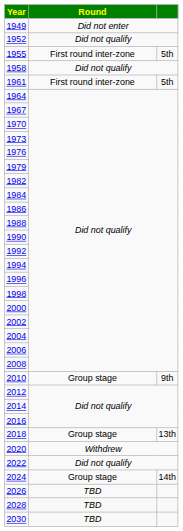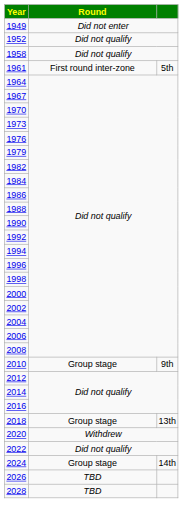 <table class="wikitable" style="text-align: center; font-size:90%">
 <tr style="color:yellow;">
 <th style="background:green;">Year</th>
 <th style="background:green; width:200px">Round</th>
 <th style="background:green;"></th>
 </tr>
 <tr>
 <td><a href='#'>1949</a></td>
 <td colspan="2"><em>Did not enter</em></td>
 </tr>
 <tr>
 <td><a href='#'>1952</a></td>
 <td colspan="2"><em>Did not qualify</em></td>
-</tr>
-<tr>
-<td><a href='#'>1955</a></td>
-<td>First round inter-zone</td>
-<td>5th</td>
 </tr>
 <tr>
 <td><a href='#'>1958</a></td>
 <td colspan="2"><em>Did not qualify</em></td>
 </tr>
 <tr>
 <td><a href='#'>1961</a></td>
 <td>First round inter-zone</td>
 <td>5th</td>
 </tr>
 <tr>
 <td><a href='#'>1964</a></td>
 <td colspan="2" rowspan="20"><em>Did not qualify</em></td>
 </tr>
 <tr>
 <td><a href='#'>1967</a></td>
 </tr>
 <tr>
 <td><a href='#'>1970</a></td>
 </tr>
 <tr>
 <td><a href='#'>1973</a></td>
 </tr>
 <tr>
 <td><a href='#'>1976</a></td>
 </tr>
 <tr>
 <td><a href='#'>1979</a></td>
 </tr>
 <tr>
 <td><a href='#'>1982</a></td>
 </tr>
 <tr>
 <td><a href='#'>1984</a></td>
 </tr>
 <tr>
 <td><a href='#'>1986</a></td>
 </tr>
 <tr>
 <td><a href='#'>1988</a></td>
 </tr>
 <tr>
 <td><a href='#'>1990</a></td>
 </tr>
 <tr>
 <td><a href='#'>1992</a></td>
 </tr>
 <tr>
 <td><a href='#'>1994</a></td>
 </tr>
 <tr>
 <td><a href='#'>1996</a></td>
 </tr>
 <tr>
 <td><a href='#'>1998</a></td>
 </tr>
 <tr>
 <td><a href='#'>2000</a></td>
 </tr>
 <tr>
 <td><a href='#'>2002</a></td>
 </tr>
 <tr>
 <td><a href='#'>2004</a></td>
 </tr>
 <tr>
 <td><a href='#'>2006</a></td>
 </tr>
 <tr>
 <td><a href='#'>2008</a></td>
 </tr>
 <tr>
 <td><a href='#'>2010</a></td>
 <td>Group stage</td>
 <td>9th</td>
 </tr>
 <tr>
 <td><a href='#'>2012</a></td>
 <td colspan="2" rowspan="3"><em>Did not qualify</em></td>
 </tr>
 <tr>
 <td><a href='#'>2014</a></td>
 </tr>
 <tr>
 <td><a href='#'>2016</a></td>
 </tr>
 <tr>
 <td><a href='#'>2018</a></td>
 <td>Group stage</td>
 <td>13th</td>
 </tr>
 <tr>
 <td><a href='#'>2020</a></td>
 <td colspan="2"><em>Withdrew</em></td>
 </tr>
 <tr>
 <td><a href='#'>2022</a></td>
 <td colspan="2"><em>Did not qualify</em></td>
 </tr>
 <tr>
 <td><a href='#'>2024</a></td>
 <td>Group stage</td>
 <td>14th</td>
 </tr>
 <tr>
 <td><a href='#'>2026</a></td>
 <td><em>TBD</em></td>
 <td></td>
 </tr>
 <tr>
 <td><a href='#'>2028</a></td>
 <td><em>TBD</em></td>
 <td></td>
 </tr>
-<tr>
-<td><a href='#'>2030</a></td>
-<td><em>TBD</em></td>
-<td></td>
-</tr>
 </table>
